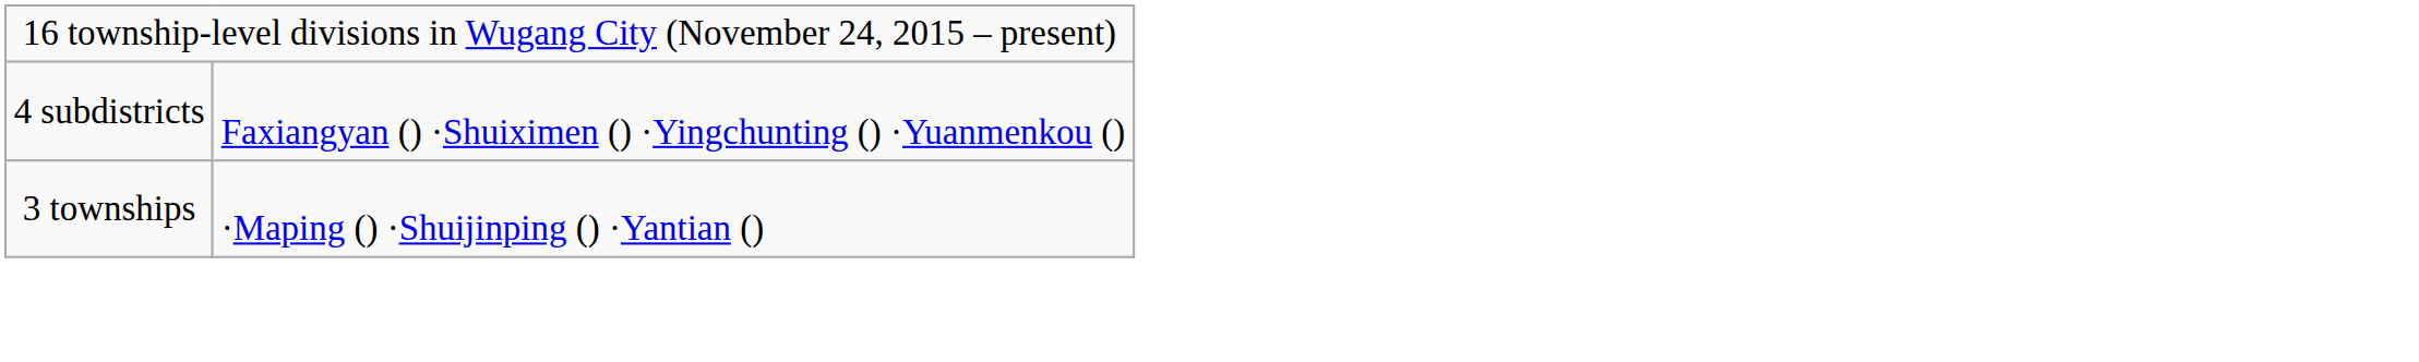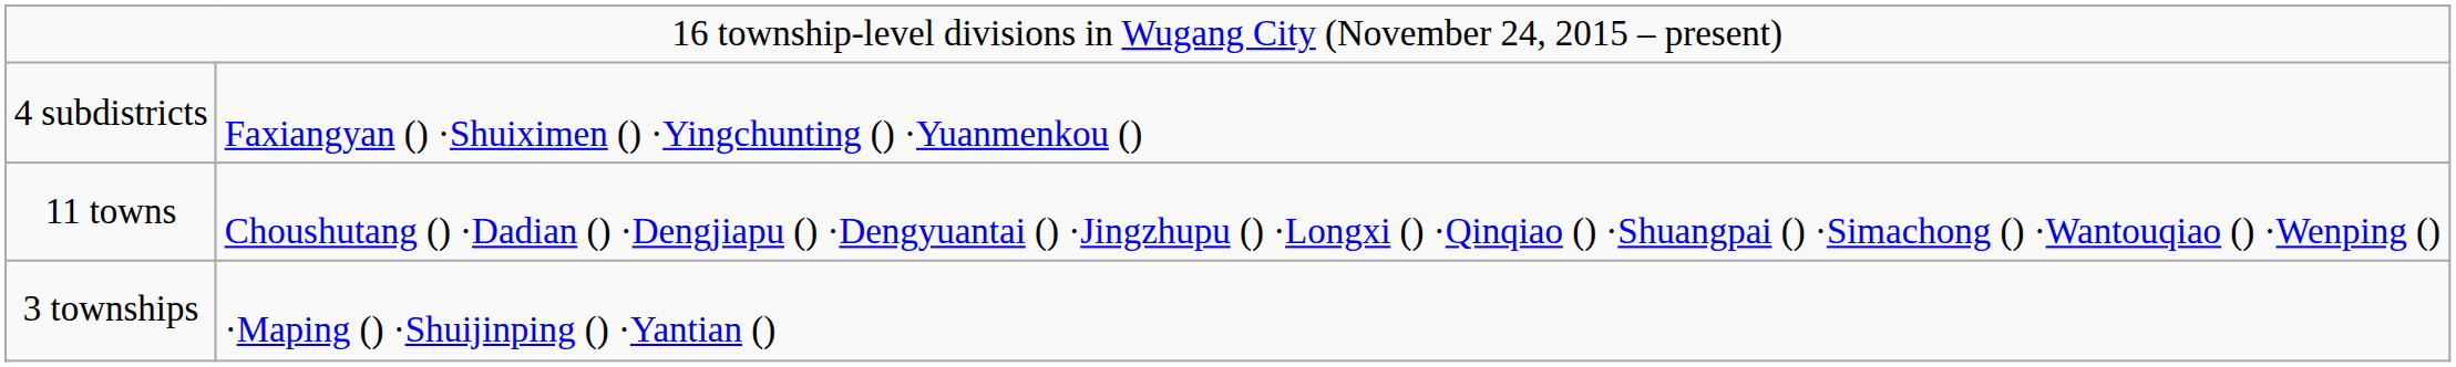 <table class="wikitable">
 <tr>
 <td style="text-align:center;" colspan="2">16 township-level divisions in <a href='#'>Wugang City</a> (November 24, 2015 – present)</td>
 </tr>
 <tr align=left>
 <td align=center>4 subdistricts</td>
 <td><br><a href='#'>Faxiangyan</a> () ·<a href='#'>Shuiximen</a> () ·<a href='#'>Yingchunting</a> () ·<a href='#'>Yuanmenkou</a> ()</td>
 </tr>
 <tr align=left>
+<td align=center>11 towns</td>
+<td><br><a href='#'>Choushutang</a> () ·<a href='#'>Dadian</a> () ·<a href='#'>Dengjiapu</a> () ·<a href='#'>Dengyuantai</a> () ·<a href='#'>Jingzhupu</a> () ·<a href='#'>Longxi</a> () ·<a href='#'>Qinqiao</a> () ·<a href='#'>Shuangpai</a> () ·<a href='#'>Simachong</a> () ·<a href='#'>Wantouqiao</a> () ·<a href='#'>Wenping</a> ()</td>
+</tr>
+<tr align=left>
 <td align=center>3 townships</td>
 <td><br>·<a href='#'>Maping</a> () ·<a href='#'>Shuijinping</a> () ·<a href='#'>Yantian</a> ()</td>
 </tr>
 </table>
